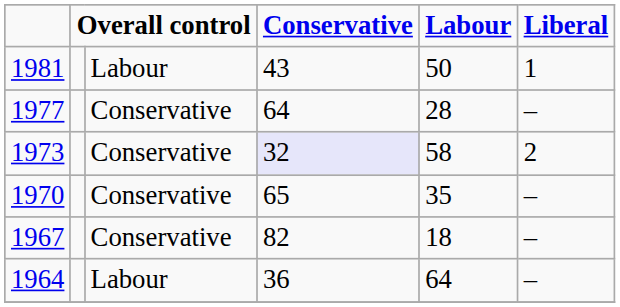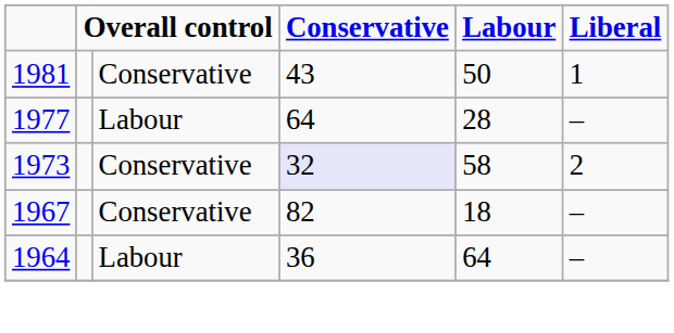 <table class="wikitable" style="clear:both">
 <tr>
 <td></td>
 <td colspan="2"><strong>Overall control</strong></td>
 <td><strong><a href='#'>Conservative</a></strong></td>
 <td><strong><a href='#'>Labour</a></strong></td>
 <td><strong><a href='#'>Liberal</a></strong></td>
 </tr>
 <tr>
 <td><a href='#'>1981</a></td>
 <td style="background:"></td>
-<td>Labour</td>
+<td>Conservative</td>
 <td>43</td>
 <td>50</td>
 <td>1</td>
 </tr>
 <tr>
 <td><a href='#'>1977</a></td>
 <td style="background:"></td>
-<td>Conservative</td>
+<td>Labour</td>
 <td>64</td>
 <td>28</td>
 <td>–</td>
 </tr>
 <tr>
 <td><a href='#'>1973</a></td>
 <td style="background:"></td>
 <td>Conservative</td>
 <td style="background: lavender;">32</td>
 <td>58</td>
 <td>2</td>
-</tr>
-<tr>
-<td><a href='#'>1970</a></td>
-<td style="background:"></td>
-<td>Conservative</td>
-<td>65</td>
-<td>35</td>
-<td>–</td>
 </tr>
 <tr>
 <td><a href='#'>1967</a></td>
 <td style="background:"></td>
 <td>Conservative</td>
 <td>82</td>
 <td>18</td>
 <td>–</td>
 </tr>
 <tr>
 <td><a href='#'>1964</a></td>
 <td style="background:"></td>
 <td>Labour</td>
 <td>36</td>
 <td>64</td>
 <td>–</td>
 </tr>
 <tr>
 </tr>
 </table>
